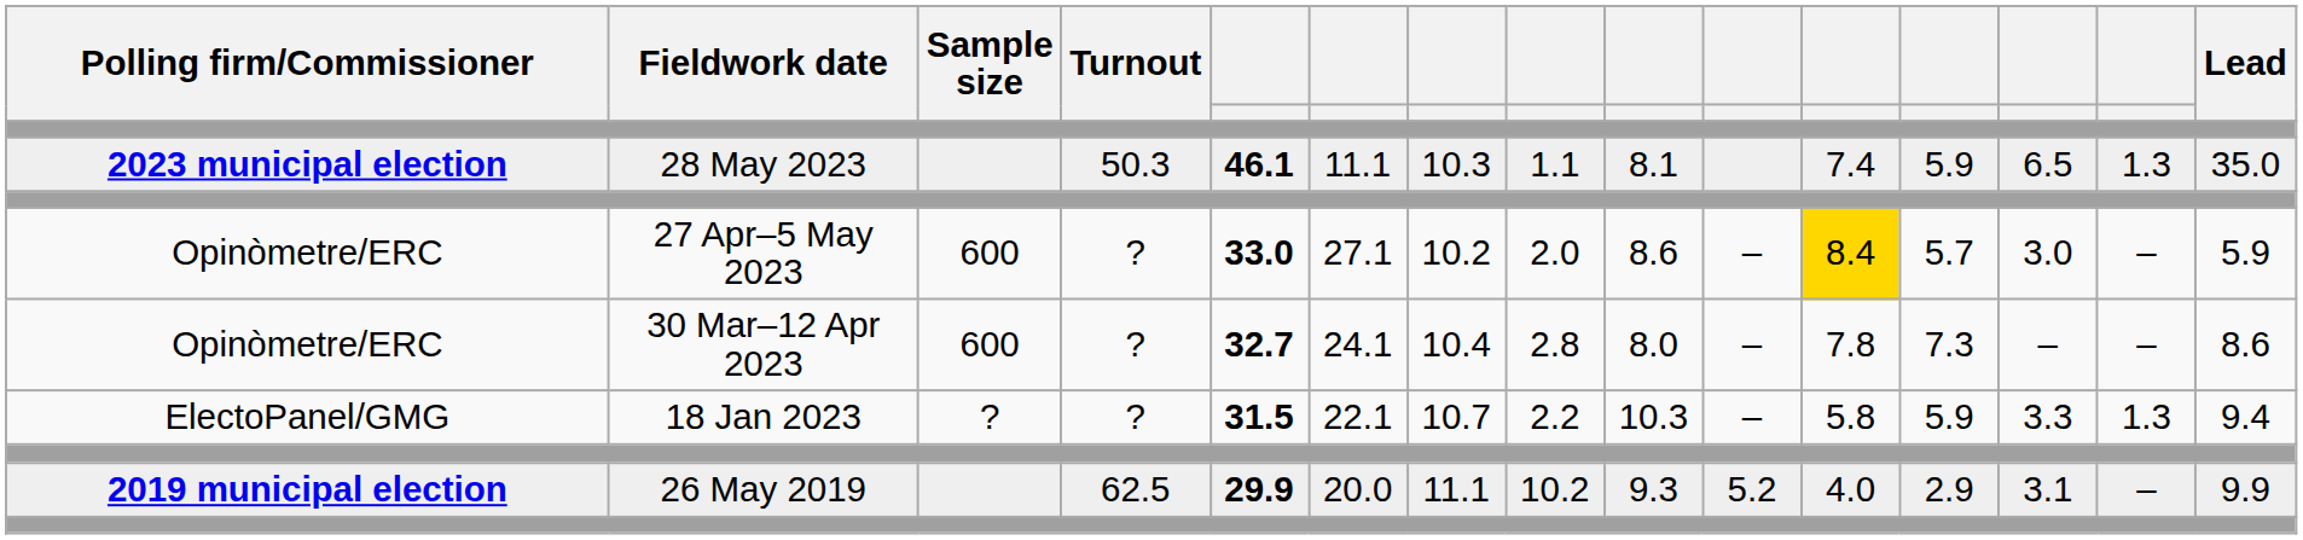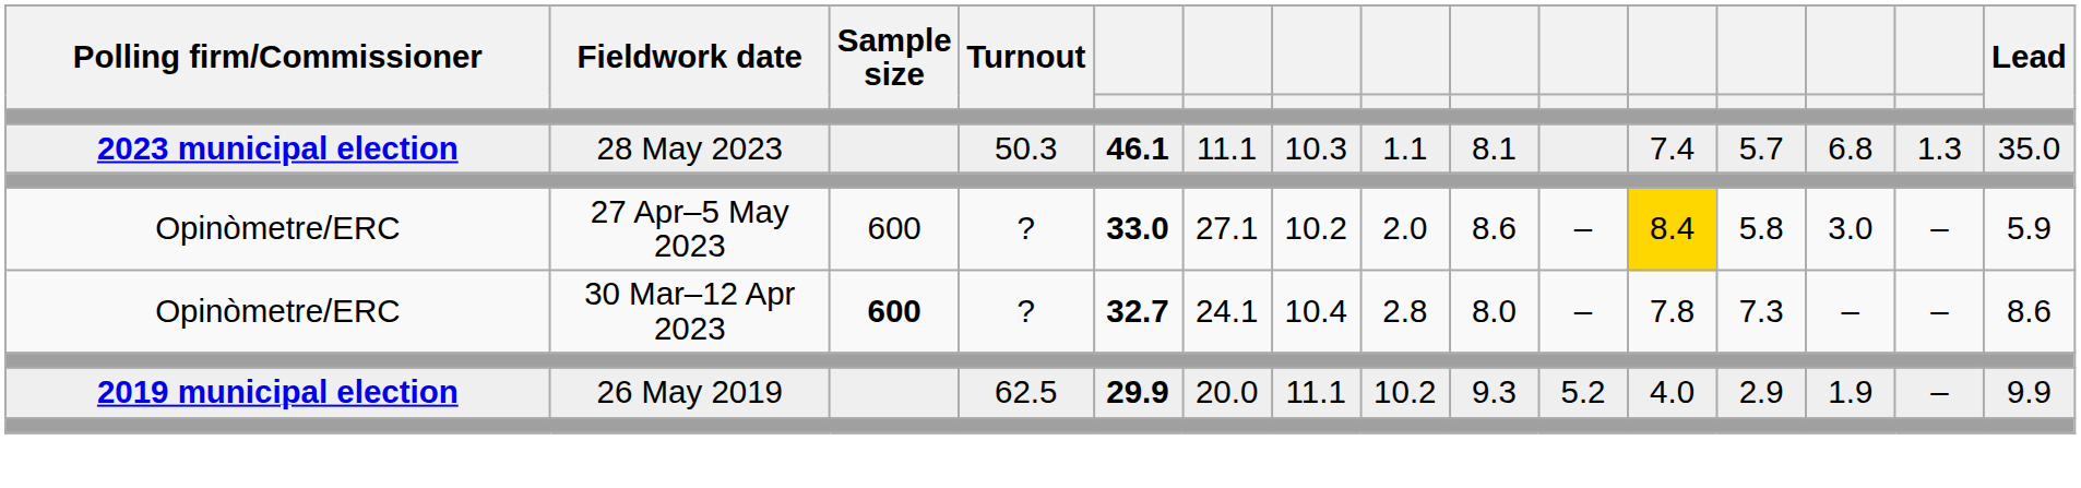 <table class="wikitable collapsible collapsed" style="text-align:center; font-size:95%; line-height:16px;">
 <tr style="height:42px;">
 <th style="width:250px;" rowspan="2">Polling firm/Commissioner</th>
 <th style="width:125px;" rowspan="2">Fieldwork date</th>
 <th style="width:50px;" rowspan="2">Sample size</th>
 <th style="width:45px;" rowspan="2">Turnout</th>
 <th style="width:35px;"></th>
 <th style="width:35px;"></th>
 <th style="width:35px;"></th>
 <th style="width:35px;"></th>
 <th style="width:35px;"><br></th>
 <th style="width:35px;"></th>
 <th style="width:35px;"></th>
 <th style="width:35px;"></th>
 <th style="width:35px;"></th>
 <th style="width:35px;"></th>
 <th style="width:30px;" rowspan="2">Lead</th>
 </tr>
 <tr>
 <th style="color:inherit;background:"></th>
 <th style="color:inherit;background:"></th>
 <th style="color:inherit;background:"></th>
 <th style="color:inherit;background:"></th>
 <th style="color:inherit;background:"></th>
 <th style="color:inherit;background:"></th>
 <th style="color:inherit;background:"></th>
 <th style="color:inherit;background:"></th>
 <th style="color:inherit;background:"></th>
 <th style="color:inherit;background:"></th>
 </tr>
 <tr>
 <td colspan="15" style="background:#A0A0A0"></td>
 </tr>
 <tr style="background:#EFEFEF;">
 <td><strong><a href='#'>2023 municipal election</a></strong></td>
 <td>28 May 2023</td>
 <td></td>
 <td>50.3</td>
 <td><strong>46.1</strong><br></td>
 <td>11.1<br></td>
 <td>10.3<br></td>
 <td>1.1<br></td>
 <td>8.1<br></td>
 <td></td>
 <td>7.4<br></td>
-<td>5.9<br></td>
-<td>6.5<br></td>
+<td>5.7<br></td>
+<td>6.8<br></td>
 <td>1.3<br></td>
 <td style="background:">35.0</td>
 </tr>
 <tr>
 <td colspan="15" style="background:#A0A0A0"></td>
 </tr>
 <tr>
 <td>Opinòmetre/ERC</td>
 <td>27 Apr–5 May 2023</td>
 <td>600</td>
 <td>?</td>
 <td><strong>33.0</strong><br></td>
 <td>27.1<br></td>
 <td>10.2<br></td>
 <td>2.0<br></td>
 <td>8.6<br></td>
 <td>–</td>
 <td style="background: gold;">8.4<br></td>
-<td>5.7<br></td>
+<td>5.8<br></td>
 <td>3.0<br></td>
 <td>–</td>
 <td style="background:">5.9</td>
 </tr>
 <tr>
 <td>Opinòmetre/ERC</td>
 <td>30 Mar–12 Apr 2023</td>
-<td>600</td>
+<td><strong>600</strong></td>
 <td>?</td>
 <td><strong>32.7</strong><br></td>
 <td>24.1<br></td>
 <td>10.4<br></td>
 <td>2.8<br></td>
 <td>8.0<br></td>
 <td>–</td>
 <td>7.8<br></td>
 <td>7.3<br></td>
 <td>–</td>
 <td>–</td>
 <td style="background:">8.6</td>
-</tr>
-<tr>
-<td>ElectoPanel/GMG</td>
-<td>18 Jan 2023</td>
-<td>?</td>
-<td>?</td>
-<td><strong>31.5</strong><br></td>
-<td>22.1<br></td>
-<td>10.7<br></td>
-<td>2.2<br></td>
-<td>10.3<br></td>
-<td>–</td>
-<td>5.8<br></td>
-<td>5.9<br></td>
-<td>3.3<br></td>
-<td>1.3<br></td>
-<td style="background:">9.4</td>
 </tr>
 <tr>
 <td colspan="15" style="background:#A0A0A0"></td>
 </tr>
 <tr style="background:#EFEFEF;">
 <td><strong><a href='#'>2019 municipal election</a></strong></td>
 <td>26 May 2019</td>
 <td></td>
 <td>62.5</td>
 <td><strong>29.9</strong><br></td>
 <td>20.0<br></td>
 <td>11.1<br></td>
 <td>10.2<br></td>
 <td>9.3<br></td>
 <td>5.2<br></td>
 <td>4.0<br></td>
 <td>2.9<br></td>
-<td>3.1<br></td>
+<td>1.9<br></td>
 <td>–</td>
 <td style="background:">9.9</td>
 </tr>
 <tr>
 <td colspan="15" style="background:#A0A0A0"></td>
 </tr>
 </table>
